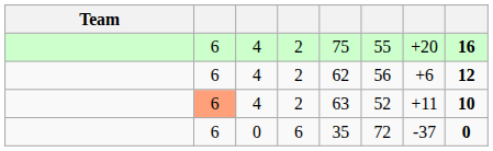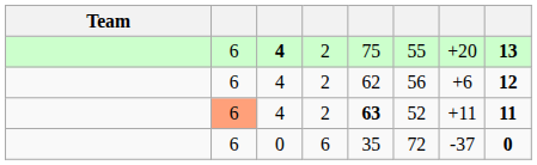 <table class="wikitable" style="text-align:center;font-size:95%">
 <tr>
 <th width="160">Team</th>
 <th width="30"></th>
 <th width="30"></th>
 <th width="30"></th>
 <th width="30"></th>
 <th width="30"></th>
 <th width="30"></th>
 <th width="30"></th>
 </tr>
 <tr bgcolor="ccffcc">
 <td align="left"></td>
 <td>6</td>
-<td>4</td>
+<td><strong>4</strong></td>
 <td>2</td>
 <td>75</td>
 <td>55</td>
 <td>+20</td>
-<td><strong>16</strong></td>
+<td><strong>13</strong></td>
 </tr>
 <tr>
 <td align="left"></td>
 <td>6</td>
 <td>4</td>
 <td>2</td>
 <td>62</td>
 <td>56</td>
 <td>+6</td>
 <td><strong>12</strong></td>
 </tr>
 <tr>
 <td align="left"></td>
 <td style="background: lightsalmon;">6</td>
 <td>4</td>
 <td>2</td>
-<td>63</td>
+<td><strong>63</strong></td>
 <td>52</td>
 <td>+11</td>
-<td><strong>10</strong></td>
+<td><strong>11</strong></td>
 </tr>
 <tr>
 <td align="left"></td>
 <td>6</td>
 <td>0</td>
 <td>6</td>
 <td>35</td>
 <td>72</td>
 <td>-37</td>
 <td><strong>0</strong></td>
 </tr>
 </table>
